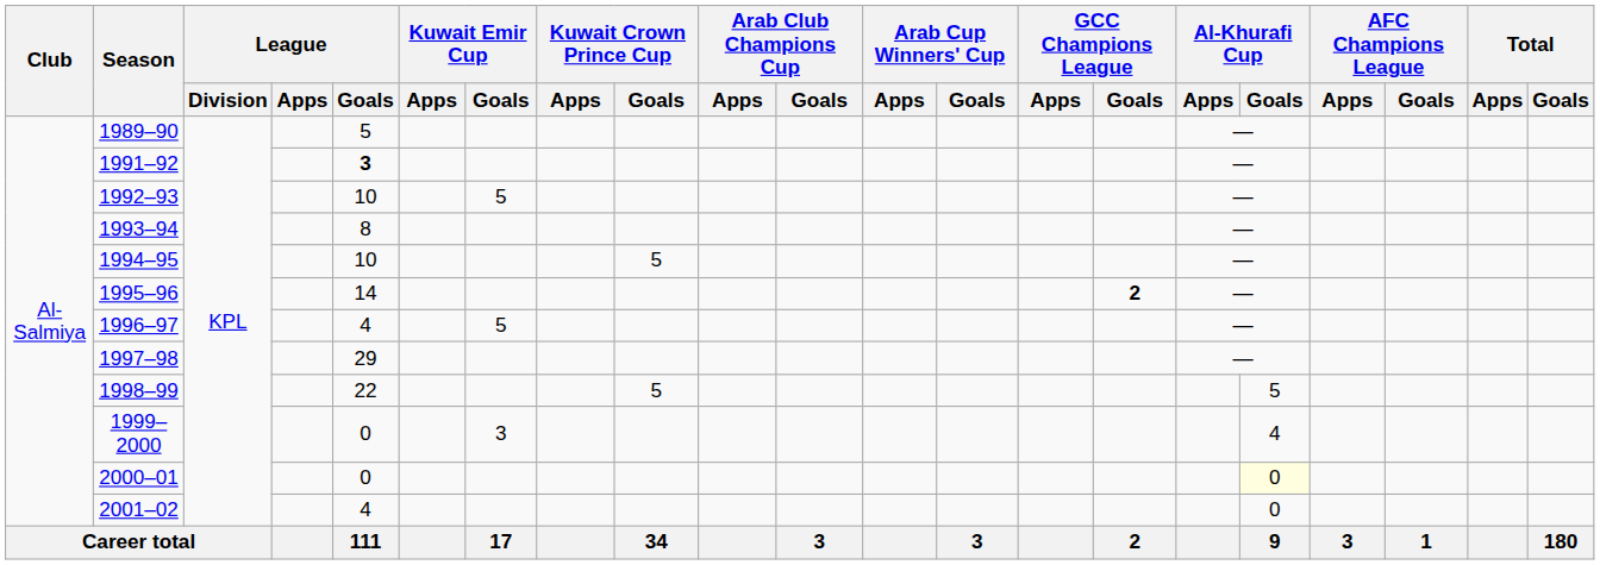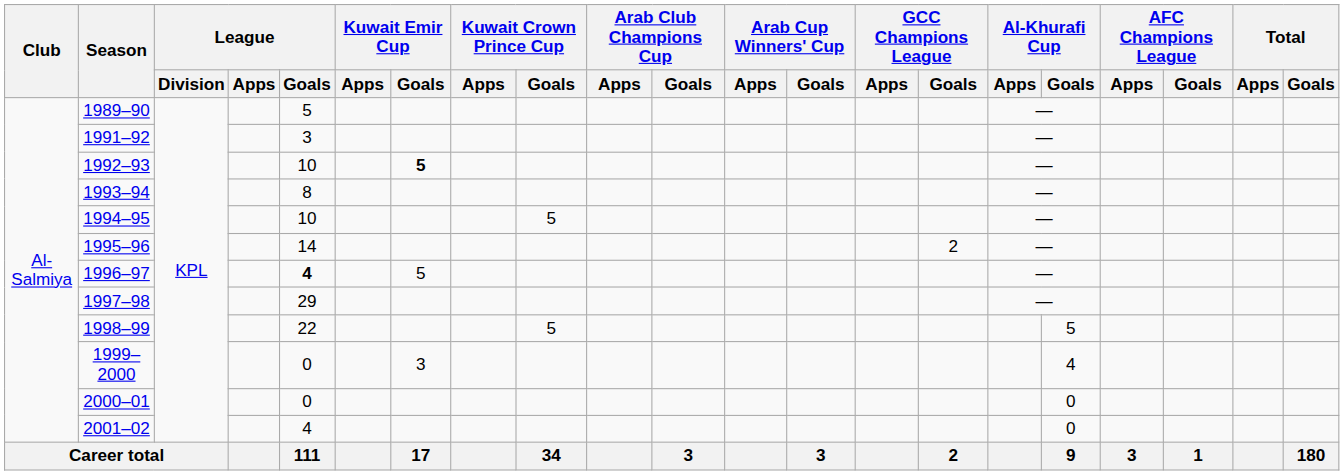 <table class="wikitable" style="text-align:center">
 <tr>
 <th rowspan="2">Club</th>
 <th rowspan="2">Season</th>
 <th colspan="3">League</th>
 <th colspan="2"><a href='#'>Kuwait Emir Cup</a></th>
 <th colspan="2"><a href='#'>Kuwait Crown Prince Cup</a></th>
 <th colspan="2"><a href='#'>Arab Club Champions Cup</a></th>
 <th colspan="2"><a href='#'>Arab Cup Winners' Cup</a></th>
 <th colspan="2"><a href='#'>GCC Champions League</a></th>
 <th colspan="2"><a href='#'>Al-Khurafi Cup</a></th>
 <th colspan="2"><a href='#'>AFC Champions League</a></th>
 <th colspan="2">Total</th>
 </tr>
 <tr>
 <th>Division</th>
 <th>Apps</th>
 <th>Goals</th>
 <th>Apps</th>
 <th>Goals</th>
 <th>Apps</th>
 <th>Goals</th>
 <th>Apps</th>
 <th>Goals</th>
 <th>Apps</th>
 <th>Goals</th>
 <th>Apps</th>
 <th>Goals</th>
 <th>Apps</th>
 <th>Goals</th>
 <th>Apps</th>
 <th>Goals</th>
 <th>Apps</th>
 <th>Goals</th>
 </tr>
 <tr align=center>
 <td rowspan="12" align=center valign=center><a href='#'>Al-Salmiya</a></td>
 <td><a href='#'>1989–90</a></td>
 <td rowspan="12"><a href='#'>KPL</a></td>
 <td></td>
 <td>5</td>
 <td></td>
 <td></td>
 <td></td>
 <td></td>
 <td></td>
 <td></td>
 <td></td>
 <td></td>
 <td></td>
 <td></td>
 <td colspan="2">—</td>
 <td></td>
 <td></td>
 <td></td>
 <td></td>
 </tr>
 <tr>
 <td><a href='#'>1991–92</a></td>
 <td></td>
-<td><strong>3</strong></td>
+<td>3</td>
 <td></td>
 <td></td>
 <td></td>
 <td></td>
 <td></td>
 <td></td>
 <td></td>
 <td></td>
 <td></td>
 <td></td>
 <td colspan="2">—</td>
 <td></td>
 <td></td>
 <td></td>
 <td></td>
 </tr>
 <tr>
 <td><a href='#'>1992–93</a></td>
 <td></td>
 <td>10</td>
 <td></td>
-<td>5</td>
+<td><strong>5</strong></td>
 <td></td>
 <td></td>
 <td></td>
 <td></td>
 <td></td>
 <td></td>
 <td></td>
 <td></td>
 <td colspan="2">—</td>
 <td></td>
 <td></td>
 <td></td>
 <td></td>
 </tr>
 <tr>
 <td><a href='#'>1993–94</a></td>
 <td></td>
 <td>8</td>
 <td></td>
 <td></td>
 <td></td>
 <td></td>
 <td></td>
 <td></td>
 <td></td>
 <td></td>
 <td></td>
 <td></td>
 <td colspan="2">—</td>
 <td></td>
 <td></td>
 <td></td>
 <td></td>
 </tr>
 <tr>
 <td><a href='#'>1994–95</a></td>
 <td></td>
 <td>10</td>
 <td></td>
 <td></td>
 <td></td>
 <td>5</td>
 <td></td>
 <td></td>
 <td></td>
 <td></td>
 <td></td>
 <td></td>
 <td colspan="2">—</td>
 <td></td>
 <td></td>
 <td></td>
 <td></td>
 </tr>
 <tr>
 <td><a href='#'>1995–96</a></td>
 <td></td>
 <td>14</td>
 <td></td>
 <td></td>
 <td></td>
 <td></td>
 <td></td>
 <td></td>
 <td></td>
 <td></td>
 <td></td>
-<td><strong>2</strong></td>
+<td>2</td>
 <td colspan="2">—</td>
 <td></td>
 <td></td>
 <td></td>
 <td></td>
 </tr>
 <tr>
 <td><a href='#'>1996–97</a></td>
 <td></td>
-<td>4</td>
+<td><strong>4</strong></td>
 <td></td>
 <td>5</td>
 <td></td>
 <td></td>
 <td></td>
 <td></td>
 <td></td>
 <td></td>
 <td></td>
 <td></td>
 <td colspan="2">—</td>
 <td></td>
 <td></td>
 <td></td>
 <td></td>
 </tr>
 <tr>
 <td><a href='#'>1997–98</a></td>
 <td></td>
 <td>29</td>
 <td></td>
 <td></td>
 <td></td>
 <td></td>
 <td></td>
 <td></td>
 <td></td>
 <td></td>
 <td></td>
 <td></td>
 <td colspan="2">—</td>
 <td></td>
 <td></td>
 <td></td>
 <td></td>
 </tr>
 <tr>
 <td><a href='#'>1998–99</a></td>
 <td></td>
 <td>22</td>
 <td></td>
 <td></td>
 <td></td>
 <td>5</td>
 <td></td>
 <td></td>
 <td></td>
 <td></td>
 <td></td>
 <td></td>
 <td></td>
 <td>5</td>
 <td></td>
 <td></td>
 <td></td>
 <td></td>
 </tr>
 <tr>
 <td><a href='#'>1999–2000</a></td>
 <td></td>
 <td>0</td>
 <td></td>
 <td>3</td>
 <td></td>
 <td></td>
 <td></td>
 <td></td>
 <td></td>
 <td></td>
 <td></td>
 <td></td>
 <td></td>
 <td>4</td>
 <td></td>
 <td></td>
 <td></td>
 <td></td>
 </tr>
 <tr>
 <td><a href='#'>2000–01</a></td>
 <td></td>
 <td>0</td>
 <td></td>
 <td></td>
 <td></td>
 <td></td>
 <td></td>
 <td></td>
 <td></td>
 <td></td>
 <td></td>
 <td></td>
 <td></td>
-<td style="background: lightyellow;">0</td>
+<td>0</td>
 <td></td>
 <td></td>
 <td></td>
 <td></td>
 </tr>
 <tr>
 <td><a href='#'>2001–02</a></td>
 <td></td>
 <td>4</td>
 <td></td>
 <td></td>
 <td></td>
 <td></td>
 <td></td>
 <td></td>
 <td></td>
 <td></td>
 <td></td>
 <td></td>
 <td></td>
 <td>0</td>
 <td></td>
 <td></td>
 <td></td>
 <td></td>
 </tr>
 <tr align=center>
 <th colspan="3">Career total</th>
 <th></th>
 <th>111</th>
 <th></th>
 <th>17</th>
 <th></th>
 <th>34</th>
 <th></th>
 <th>3</th>
 <th></th>
 <th>3</th>
 <th></th>
 <th>2</th>
 <th></th>
 <th>9</th>
 <th>3</th>
 <th>1</th>
 <th></th>
 <th>180</th>
 </tr>
 </table>
